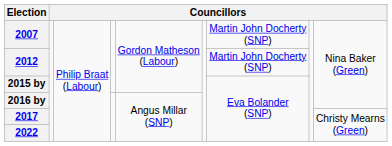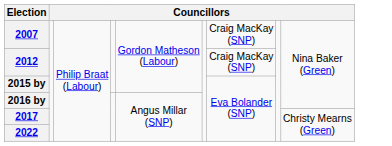 <table class="wikitable" style="text-align:center">
 <tr>
 <th>Election</th>
 <th colspan=8>Councillors</th>
 </tr>
 <tr>
 <th><a href='#'>2007</a></th>
 <td rowspan=6; style="background-color: "></td>
 <td rowspan=6><a href='#'>Philip Braat</a><br>(<a href='#'>Labour</a>)</td>
 <td rowspan=3; style="background-color: "></td>
 <td rowspan=3><a href='#'>Gordon Matheson</a><br>(<a href='#'>Labour</a>)</td>
 <td rowspan=6; style="background-color: "></td>
-<td><a href='#'>Martin John Docherty</a><br>(<a href='#'>SNP</a>)</td>
+<td>Craig MacKay<br>(<a href='#'>SNP</a>)</td>
 <td rowspan=6; style="background-color: "></td>
 <td rowspan=4>Nina Baker<br>(<a href='#'>Green</a>)</td>
 </tr>
 <tr>
 <th><a href='#'>2012</a></th>
-<td><a href='#'>Martin John Docherty</a><br>(<a href='#'>SNP</a>)</td>
+<td>Craig MacKay<br>(<a href='#'>SNP</a>)</td>
 </tr>
 <tr>
 <th>2015 by</th>
 <td rowspan=4><a href='#'>Eva Bolander</a><br>(<a href='#'>SNP</a>)</td>
 </tr>
 <tr>
 <th>2016 by</th>
 <td rowspan=3; style="background-color: "></td>
 <td rowspan=3>Angus Millar<br>(<a href='#'>SNP</a>)</td>
 </tr>
 <tr>
 <th><a href='#'>2017</a></th>
 <td rowspan=2>Christy Mearns<br>(<a href='#'>Green</a>)</td>
 </tr>
 <tr>
 <th><a href='#'>2022</a></th>
 </tr>
 </table>
